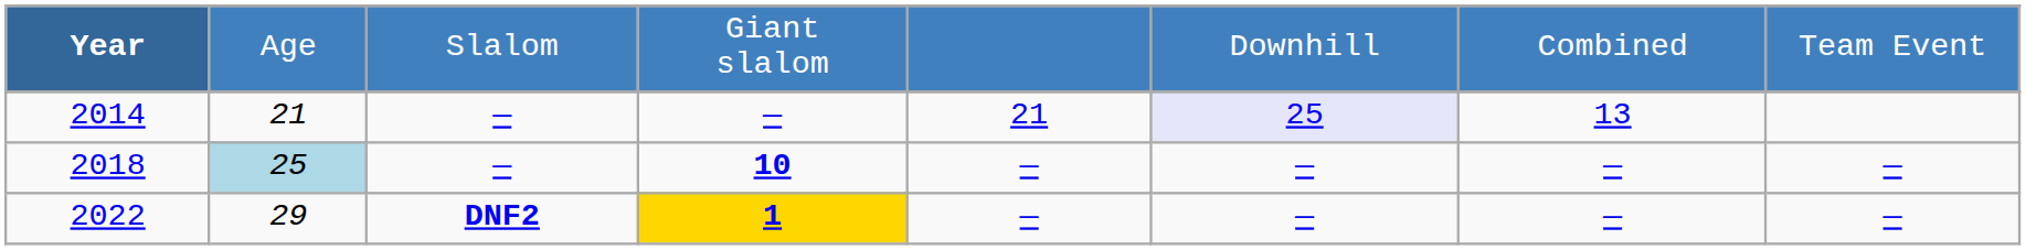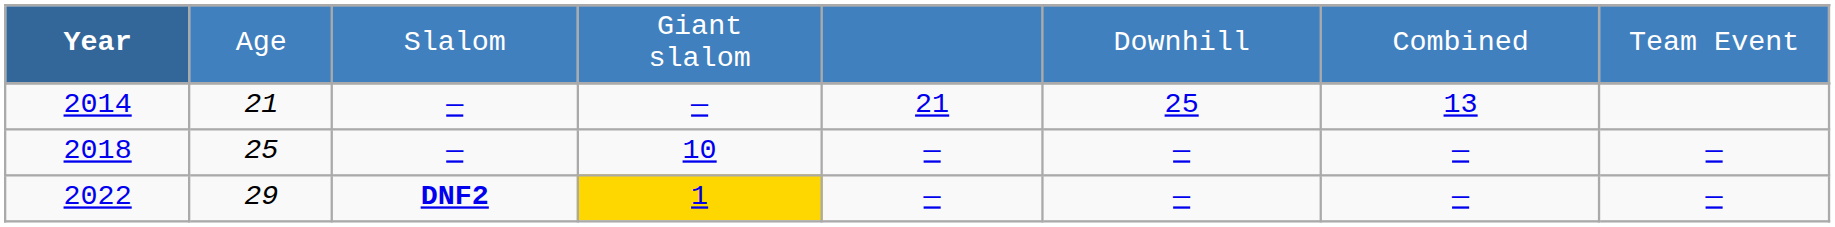 <table class="wikitable" style="font-size:95%; text-align:center; border:grey solid 1px; border-collapse:collapse;" width="40%">
 <tr style="background-color:#369; color:white;">
 <td rowspan="2" colspan="1" width="4%"><strong>Year</strong></td>
 </tr>
 <tr style="background-color:#4180be; color:white;">
 <td width="3%">Age</td>
 <td width="5%">Slalom</td>
 <td width="5%">Giant<br>slalom</td>
 <td width="5%"></td>
 <td width="5%">Downhill</td>
 <td width="5%">Combined</td>
 <td width="5%">Team Event</td>
 </tr>
 <tr style="background-color:#8CB2D8; color:white;">
 </tr>
 <tr>
 <td><a href='#'>2014</a></td>
 <td><em>21</em></td>
 <td><a href='#'>—</a></td>
 <td><a href='#'>—</a></td>
 <td><a href='#'>21</a></td>
-<td style="background: lavender;"><a href='#'>25</a></td>
+<td><a href='#'>25</a></td>
 <td><a href='#'>13</a></td>
 <td></td>
 </tr>
 <tr>
 <td><a href='#'>2018</a></td>
-<td style="background: lightblue;"><em>25</em></td>
+<td><em>25</em></td>
 <td><a href='#'>—</a></td>
-<td><strong><a href='#'>10</a></strong></td>
+<td><a href='#'>10</a></td>
 <td><a href='#'>—</a></td>
 <td><a href='#'>—</a></td>
 <td><a href='#'>—</a></td>
 <td><a href='#'>—</a></td>
 </tr>
 <tr>
 <td><a href='#'>2022</a></td>
 <td><em>29</em></td>
 <td><strong><a href='#'>DNF2</a></strong></td>
-<td style="background:gold;"><strong><a href='#'>1</a></strong></td>
+<td style="background:gold;"><a href='#'>1</a></td>
 <td><a href='#'>—</a></td>
 <td><a href='#'>—</a></td>
 <td><a href='#'>—</a></td>
 <td><a href='#'>—</a></td>
 </tr>
 </table>
